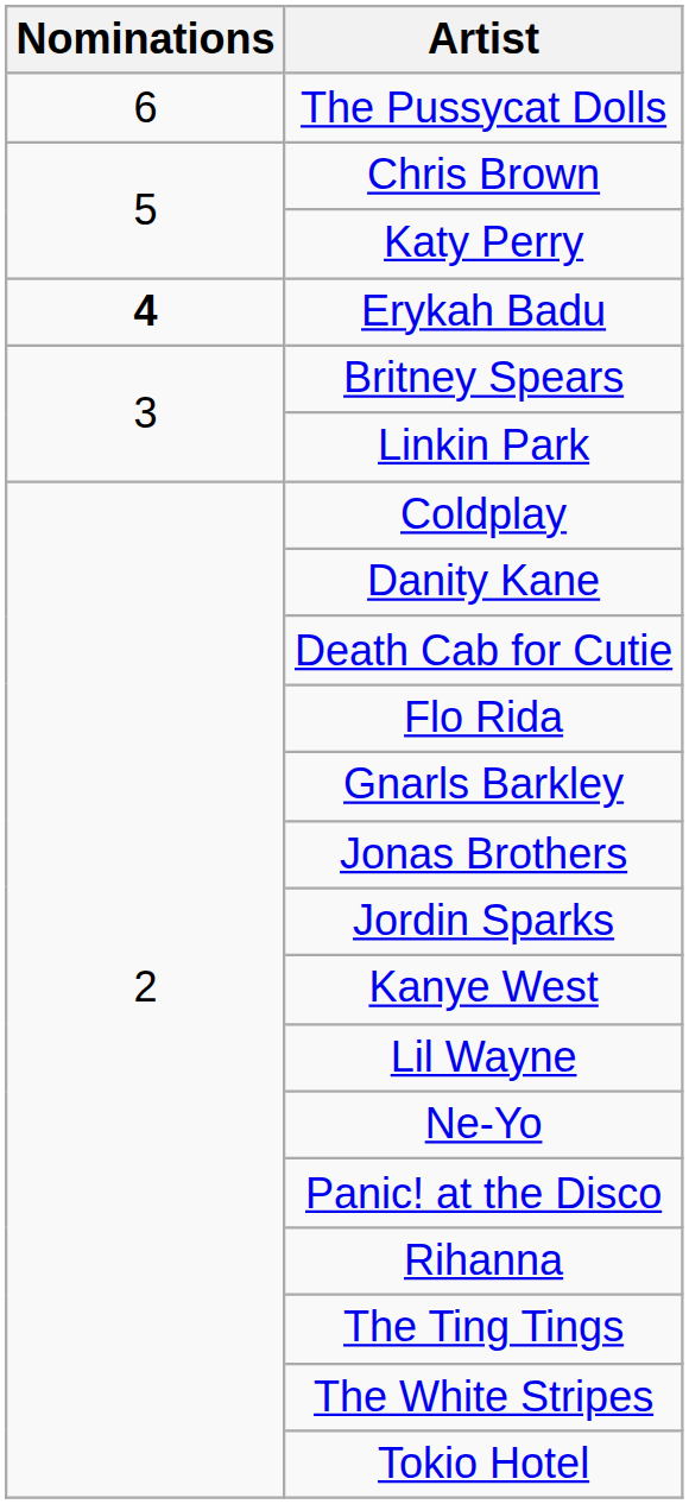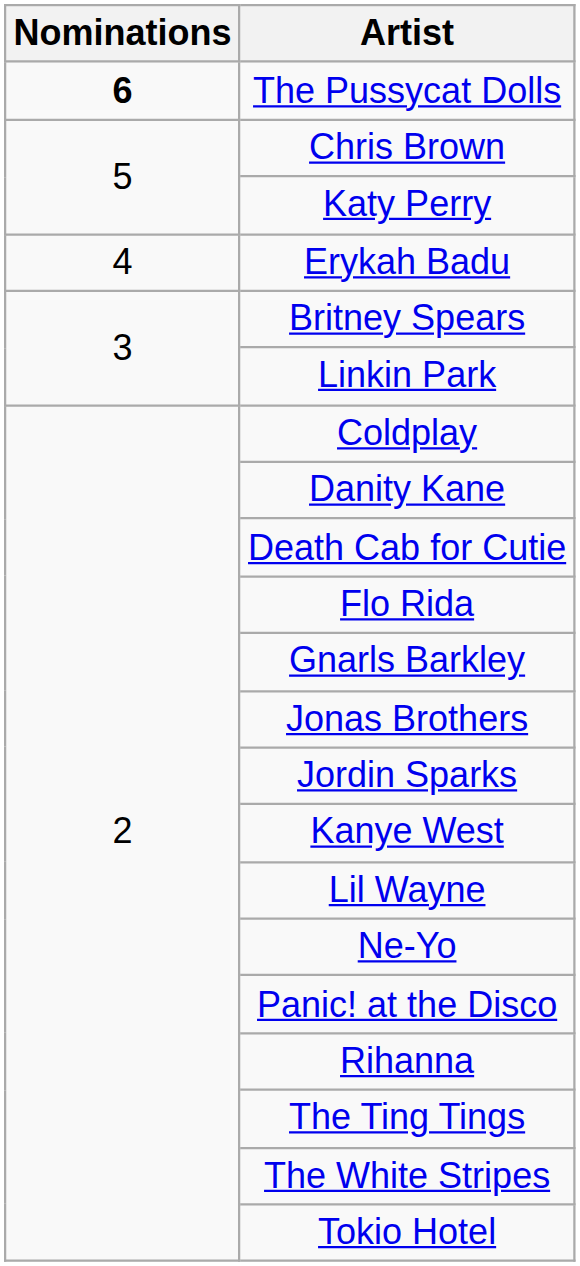 <table class="wikitable" rowspan="2" style="text-align:center">
 <tr>
 <th scope="col" style="width:55px;">Nominations</th>
 <th scope="col" style="text-align:center;">Artist</th>
 </tr>
 <tr>
-<td style="text-align:center">6</td>
+<td style="text-align:center"><strong>6</strong></td>
 <td><a href='#'>The Pussycat Dolls</a></td>
 </tr>
 <tr>
 <td rowspan="2" style="text-align:center">5</td>
 <td><a href='#'>Chris Brown</a></td>
 </tr>
 <tr>
 <td><a href='#'>Katy Perry</a></td>
 </tr>
 <tr>
-<td style="text-align:center"><strong>4</strong></td>
+<td style="text-align:center">4</td>
 <td><a href='#'>Erykah Badu</a></td>
 </tr>
 <tr>
 <td rowspan="2" style="text-align:center">3</td>
 <td><a href='#'>Britney Spears</a></td>
 </tr>
 <tr>
 <td><a href='#'>Linkin Park</a></td>
 </tr>
 <tr>
 <td rowspan="15" style="text-align:center">2</td>
 <td><a href='#'>Coldplay</a></td>
 </tr>
 <tr>
 <td><a href='#'>Danity Kane</a></td>
 </tr>
 <tr>
 <td><a href='#'>Death Cab for Cutie</a></td>
 </tr>
 <tr>
 <td><a href='#'>Flo Rida</a></td>
 </tr>
 <tr>
 <td><a href='#'>Gnarls Barkley</a></td>
 </tr>
 <tr>
 <td><a href='#'>Jonas Brothers</a></td>
 </tr>
 <tr>
 <td><a href='#'>Jordin Sparks</a></td>
 </tr>
 <tr>
 <td><a href='#'>Kanye West</a></td>
 </tr>
 <tr>
 <td><a href='#'>Lil Wayne</a></td>
 </tr>
 <tr>
 <td><a href='#'>Ne-Yo</a></td>
 </tr>
 <tr>
 <td><a href='#'>Panic! at the Disco</a></td>
 </tr>
 <tr>
 <td><a href='#'>Rihanna</a></td>
 </tr>
 <tr>
 <td><a href='#'>The Ting Tings</a></td>
 </tr>
 <tr>
 <td><a href='#'>The White Stripes</a></td>
 </tr>
 <tr>
 <td><a href='#'>Tokio Hotel</a></td>
 </tr>
 </table>
